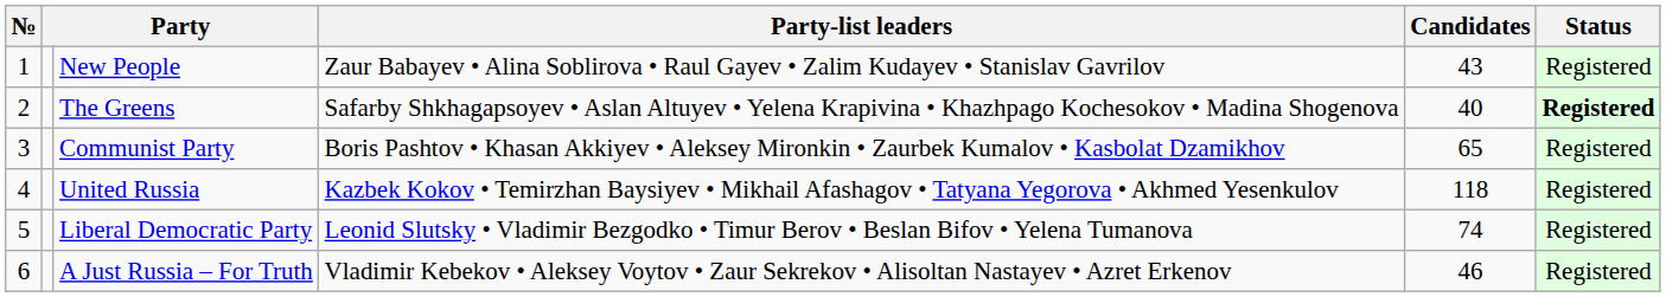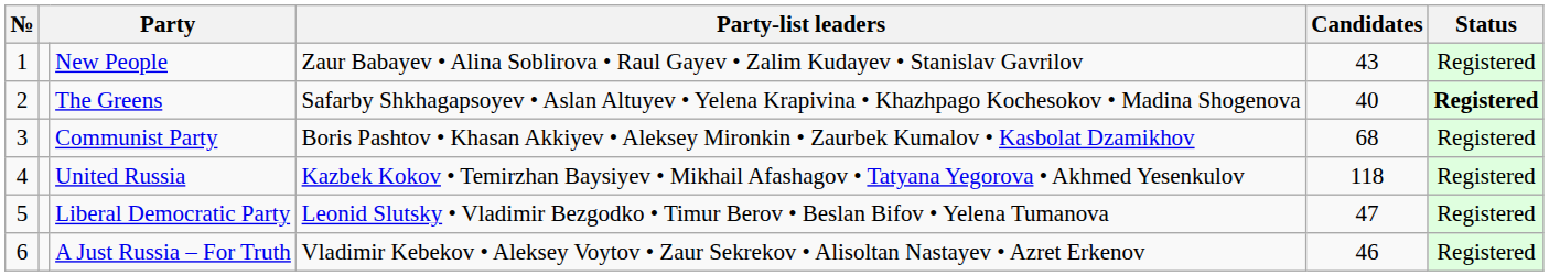 <table class="wikitable sortable" style="background: #f9f9f9; text-align:right; font-size: 95%">
 <tr>
 <th align=center>№</th>
 <th colspan="2">Party</th>
 <th align=center>Party-list leaders</th>
 <th align=center>Candidates</th>
 <th align=center>Status</th>
 </tr>
 <tr>
 <td align=center>1</td>
 <td style="background-color:"></td>
 <td align=left><a href='#'>New People</a></td>
 <td align=left>Zaur Babayev • Alina Soblirova • Raul Gayev • Zalim Kudayev • Stanislav Gavrilov</td>
 <td align=center>43</td>
 <td align=center bgcolor="#DFFFDF">Registered</td>
 </tr>
 <tr>
 <td align=center>2</td>
 <td style="background-color:"></td>
 <td align=left><a href='#'>The Greens</a></td>
 <td align=left>Safarby Shkhagapsoyev • Aslan Altuyev • Yelena Krapivina • Khazhpago Kochesokov • Madina Shogenova</td>
 <td align=center>40</td>
 <td align=center bgcolor="#DFFFDF"><strong>Registered</strong></td>
 </tr>
 <tr>
 <td align=center>3</td>
 <td style="background-color:"></td>
 <td align=left><a href='#'>Communist Party</a></td>
 <td align=left>Boris Pashtov • Khasan Akkiyev • Aleksey Mironkin • Zaurbek Kumalov • <a href='#'>Kasbolat Dzamikhov</a></td>
-<td align=center>65</td>
+<td align=center>68</td>
 <td align=center bgcolor="#DFFFDF">Registered</td>
 </tr>
 <tr>
 <td align=center>4</td>
 <td style="background-color:"></td>
 <td align=left><a href='#'>United Russia</a></td>
 <td align=left><a href='#'>Kazbek Kokov</a> • Temirzhan Baysiyev • Mikhail Afashagov • <a href='#'>Tatyana Yegorova</a> • Akhmed Yesenkulov</td>
 <td align=center>118</td>
 <td align=center bgcolor="#DFFFDF">Registered</td>
 </tr>
 <tr>
 <td align=center>5</td>
 <td style="background-color:"></td>
 <td align=left><a href='#'>Liberal Democratic Party</a></td>
 <td align=left><a href='#'>Leonid Slutsky</a> • Vladimir Bezgodko • Timur Berov • Beslan Bifov • Yelena Tumanova</td>
-<td align=center>74</td>
+<td align=center>47</td>
 <td align=center bgcolor="#DFFFDF">Registered</td>
 </tr>
 <tr>
 <td align=center>6</td>
 <td style="background-color:"></td>
 <td align=left><a href='#'>A Just Russia – For Truth</a></td>
 <td align=left>Vladimir Kebekov • Aleksey Voytov • Zaur Sekrekov • Alisoltan Nastayev • Azret Erkenov</td>
 <td align=center>46</td>
 <td align=center bgcolor="#DFFFDF">Registered</td>
 </tr>
 </table>
